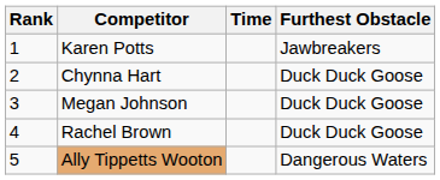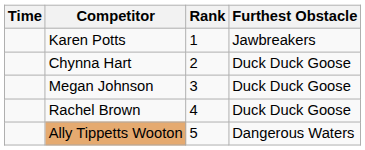 <table class="wikitable sortable mw-collapsible" style="display: inline-table;">
 <tr>
+<th>Time</th>
+<th>Competitor</th>
 <th>Rank</th>
-<th>Competitor</th>
-<th>Time</th>
 <th>Furthest Obstacle</th>
 </tr>
 <tr>
+<td></td>
+<td>Karen Potts</td>
 <td>1</td>
-<td>Karen Potts</td>
-<td></td>
 <td>Jawbreakers</td>
 </tr>
 <tr>
+<td></td>
+<td>Chynna Hart</td>
 <td>2</td>
-<td>Chynna Hart</td>
-<td></td>
 <td>Duck Duck Goose</td>
 </tr>
 <tr>
+<td></td>
+<td>Megan Johnson</td>
 <td>3</td>
-<td>Megan Johnson</td>
-<td></td>
 <td>Duck Duck Goose</td>
 </tr>
 <tr>
+<td></td>
+<td>Rachel Brown</td>
 <td>4</td>
-<td>Rachel Brown</td>
-<td></td>
 <td>Duck Duck Goose</td>
 </tr>
 <tr>
+<td></td>
+<td style="background-color:#E5AA70">Ally Tippetts Wooton</td>
 <td>5</td>
-<td style="background-color:#E5AA70">Ally Tippetts Wooton</td>
-<td></td>
 <td>Dangerous Waters</td>
 </tr>
 </table>
